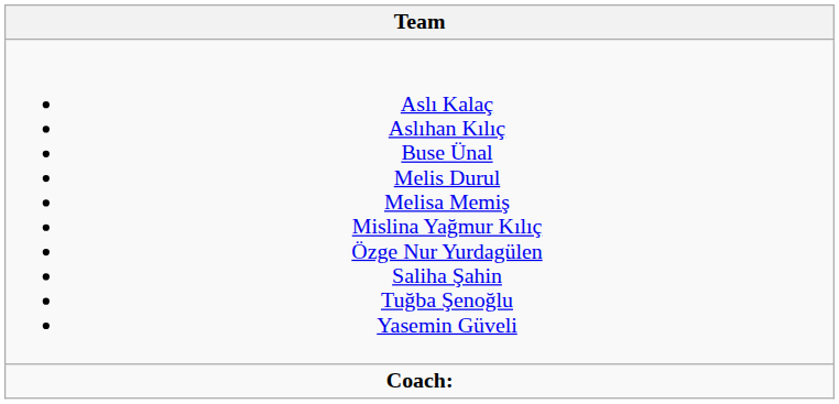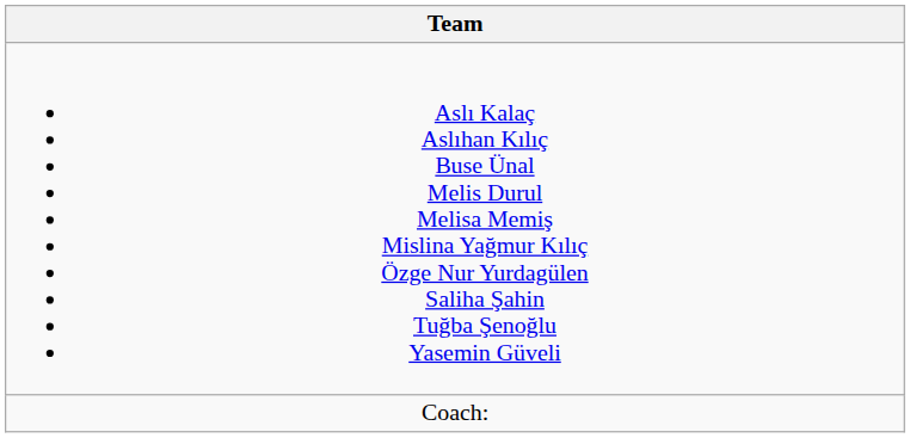 <table class="wikitable" style="text-align: center;">
 <tr>
 <th width=600>Team</th>
 </tr>
 <tr>
 <td><br><ul><li><a href='#'>Aslı Kalaç</a></li><li><a href='#'>Aslıhan Kılıç</a></li><li><a href='#'>Buse Ünal</a></li><li><a href='#'>Melis Durul</a></li><li><a href='#'>Melisa Memiş</a></li><li><a href='#'>Mislina Yağmur Kılıç</a></li><li><a href='#'>Özge Nur Yurdagülen</a></li><li><a href='#'>Saliha Şahin</a></li><li><a href='#'>Tuğba Şenoğlu</a></li><li><a href='#'>Yasemin Güveli</a></li></ul></td>
 </tr>
 <tr>
-<td><strong>Coach:</strong></td>
+<td>Coach:</td>
 </tr>
 </table>
